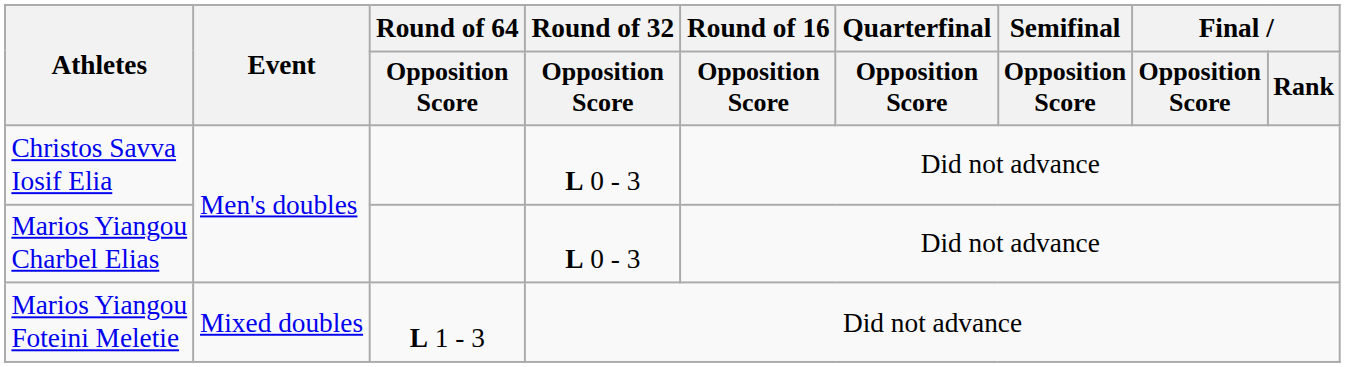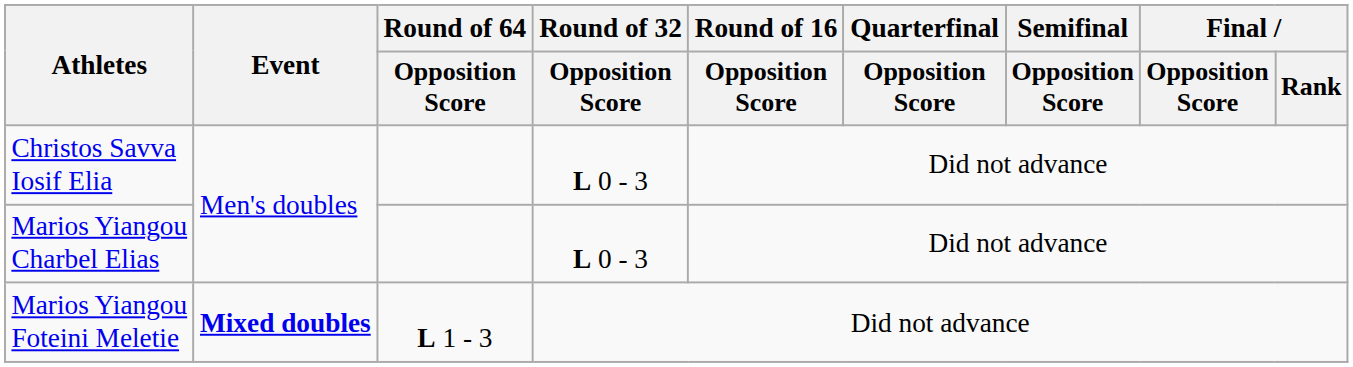 <table class=wikitable style=font-size:88%;text-align:center>
 <tr>
 <th rowspan=2>Athletes</th>
 <th rowspan=2>Event</th>
 <th>Round of 64</th>
 <th>Round of 32</th>
 <th>Round of 16</th>
 <th>Quarterfinal</th>
 <th>Semifinal</th>
 <th colspan=2>Final / </th>
 </tr>
 <tr style=font-size:95%>
 <th>Opposition<br>Score</th>
 <th>Opposition<br>Score</th>
 <th>Opposition<br>Score</th>
 <th>Opposition<br>Score</th>
 <th>Opposition<br>Score</th>
 <th>Opposition<br>Score</th>
 <th>Rank</th>
 </tr>
 <tr>
 <td align=left><a href='#'>Christos Savva</a><br><a href='#'>Iosif Elia</a></td>
 <td align=left rowspan=2><a href='#'>Men's doubles</a></td>
 <td></td>
 <td><br><strong>L</strong> 0 - 3</td>
 <td colspan="5">Did not advance</td>
 </tr>
 <tr>
 <td align=left><a href='#'>Marios Yiangou</a><br><a href='#'>Charbel Elias</a></td>
 <td></td>
 <td><br><strong>L</strong> 0 - 3</td>
 <td colspan="5">Did not advance</td>
 </tr>
 <tr>
 <td align=left><a href='#'>Marios Yiangou</a><br><a href='#'>Foteini Meletie</a></td>
-<td align=left><a href='#'>Mixed doubles</a></td>
+<td align=left><strong><a href='#'>Mixed doubles</a></strong></td>
 <td><br><strong>L</strong> 1 - 3</td>
 <td colspan="6">Did not advance</td>
 </tr>
 </table>
